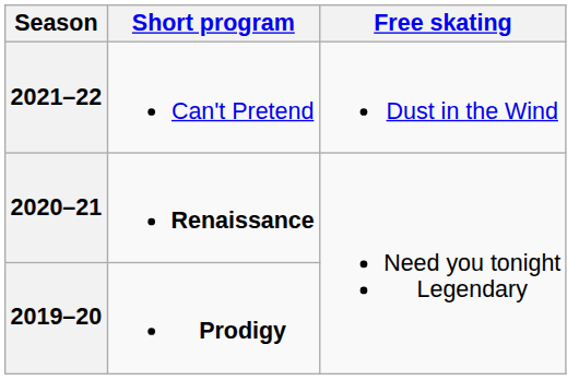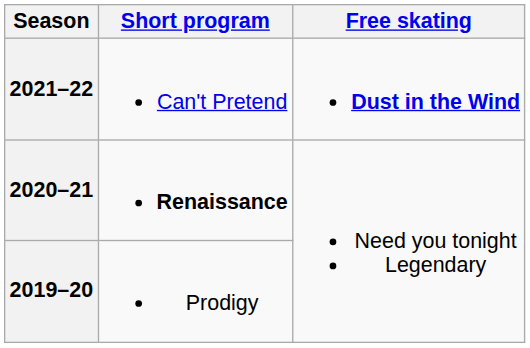 <table class=wikitable style=text-align:center>
 <tr>
 <th>Season</th>
 <th><a href='#'>Short program</a></th>
 <th><a href='#'>Free skating</a></th>
 </tr>
 <tr>
 <th>2021–22 <br> </th>
 <td><br><ul><li><a href='#'>Can't Pretend</a> <br></li></ul></td>
-<td><br><ul><li><a href='#'>Dust in the Wind</a> <br></li></ul></td>
+<td><strong><br><ul><li><a href='#'>Dust in the Wind</a> <br></li></ul></strong></td>
 </tr>
 <tr>
 <th>2020–21 <br> </th>
 <td><strong><br><ul><li>Renaissance <br></li></ul></strong></td>
 <td rowspan=2><br><ul><li>Need you tonight <br></li><li>Legendary <br></li></ul></td>
 </tr>
 <tr>
 <th>2019–20 <br> </th>
-<td><strong><br><ul><li>Prodigy <br></li></ul></strong></td>
+<td><br><ul><li>Prodigy <br></li></ul></td>
 </tr>
 </table>
